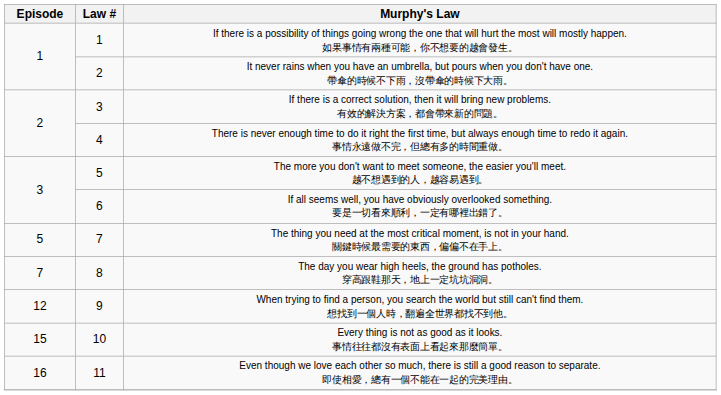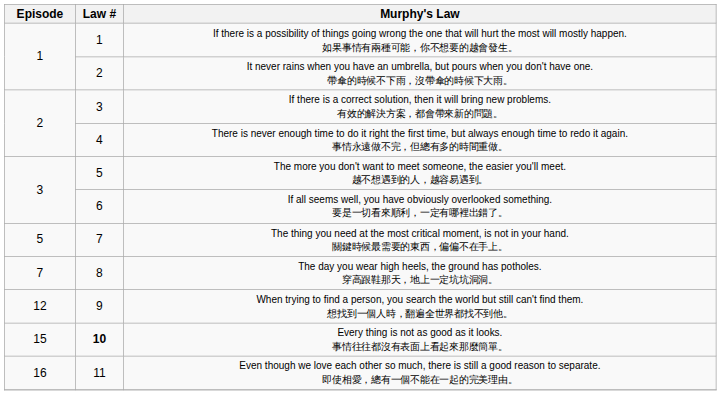 <table class="wikitable" style="text-align:center;width:60%;">
 <tr>
 <th width="4%"><strong>Episode</strong></th>
 <th width="4%"><strong>Law #</strong></th>
 <th width="50%"><strong>Murphy's Law</strong></th>
 </tr>
 <tr>
 <td rowspan=2>1</td>
 <td>1</td>
 <td><small>If there is a possibility of things going wrong the one that will hurt the most will mostly happen.<br>如果事情有兩種可能，你不想要的越會發生。</small></td>
 </tr>
 <tr>
 <td>2</td>
 <td><small>It never rains when you have an umbrella, but pours when you don't have one.<br>帶傘的時候不下雨，沒帶傘的時候下大雨。</small></td>
 </tr>
 <tr>
 <td rowspan=2>2</td>
 <td>3</td>
 <td><small>If there is a correct solution, then it will bring new problems.<br>有效的解決方案，都會帶來新的問題。</small></td>
 </tr>
 <tr>
 <td>4</td>
 <td><small>There is never enough time to do it right the first time, but always enough time to redo it again.<br>事情永遠做不完，但總有多的時間重做。</small></td>
 </tr>
 <tr>
 <td rowspan=2>3</td>
 <td>5</td>
 <td><small>The more you don't want to meet someone, the easier you'll meet.<br>越不想遇到的人，越容易遇到。</small></td>
 </tr>
 <tr>
 <td>6</td>
 <td><small>If all seems well, you have obviously overlooked something.<br>要是一切看來順利，一定有哪裡出錯了。</small></td>
 </tr>
 <tr>
 <td>5</td>
 <td>7</td>
 <td><small>The thing you need at the most critical moment, is not in your hand.<br>關鍵時候最需要的東西，偏偏不在手上。</small></td>
 </tr>
 <tr>
 <td>7</td>
 <td>8</td>
 <td><small>The day you wear high heels, the ground has potholes.<br>穿高跟鞋那天，地上一定坑坑洞洞。</small></td>
 </tr>
 <tr>
 <td>12</td>
 <td>9</td>
 <td><small>When trying to find a person, you search the world but still can't find them.<br>想找到一個人時，翻遍全世界都找不到他。</small></td>
 </tr>
 <tr>
 <td>15</td>
-<td>10</td>
+<td><strong>10</strong></td>
 <td><small>Every thing is not as good as it looks.<br>事情往往都沒有表面上看起來那麼簡單。</small></td>
 </tr>
 <tr>
 <td>16</td>
 <td>11</td>
 <td><small>Even though we love each other so much, there is still a good reason to separate.<br>即使相愛，總有一個不能在一起的完美理由。</small></td>
 </tr>
 <tr>
 </tr>
 </table>
